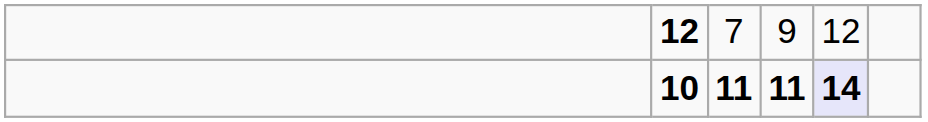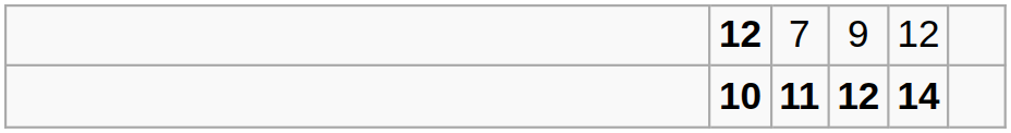 <table class="wikitable">
 <tr>
 <td style="width:18em"></td>
 <td align=center style="width:1em"><strong>12</strong></td>
 <td align=center style="width:1em">7</td>
 <td align=center style="width:1em">9</td>
 <td align=center style="width:1em">12</td>
 <td align=center style="width:1em"></td>
 </tr>
 <tr>
 <td style="width:18em"></td>
 <td align=center style="width:1em"><strong>10</strong></td>
 <td align=center style="width:1em"><strong>11</strong></td>
-<td align=center style="width:1em"><strong>11</strong></td>
-<td align=center style="background: lavender; width:1em"><strong>14</strong></td>
+<td align=center style="width:1em"><strong>12</strong></td>
+<td align=center style="width:1em"><strong>14</strong></td>
 <td align=center style="width:1em"></td>
 </tr>
 </table>
